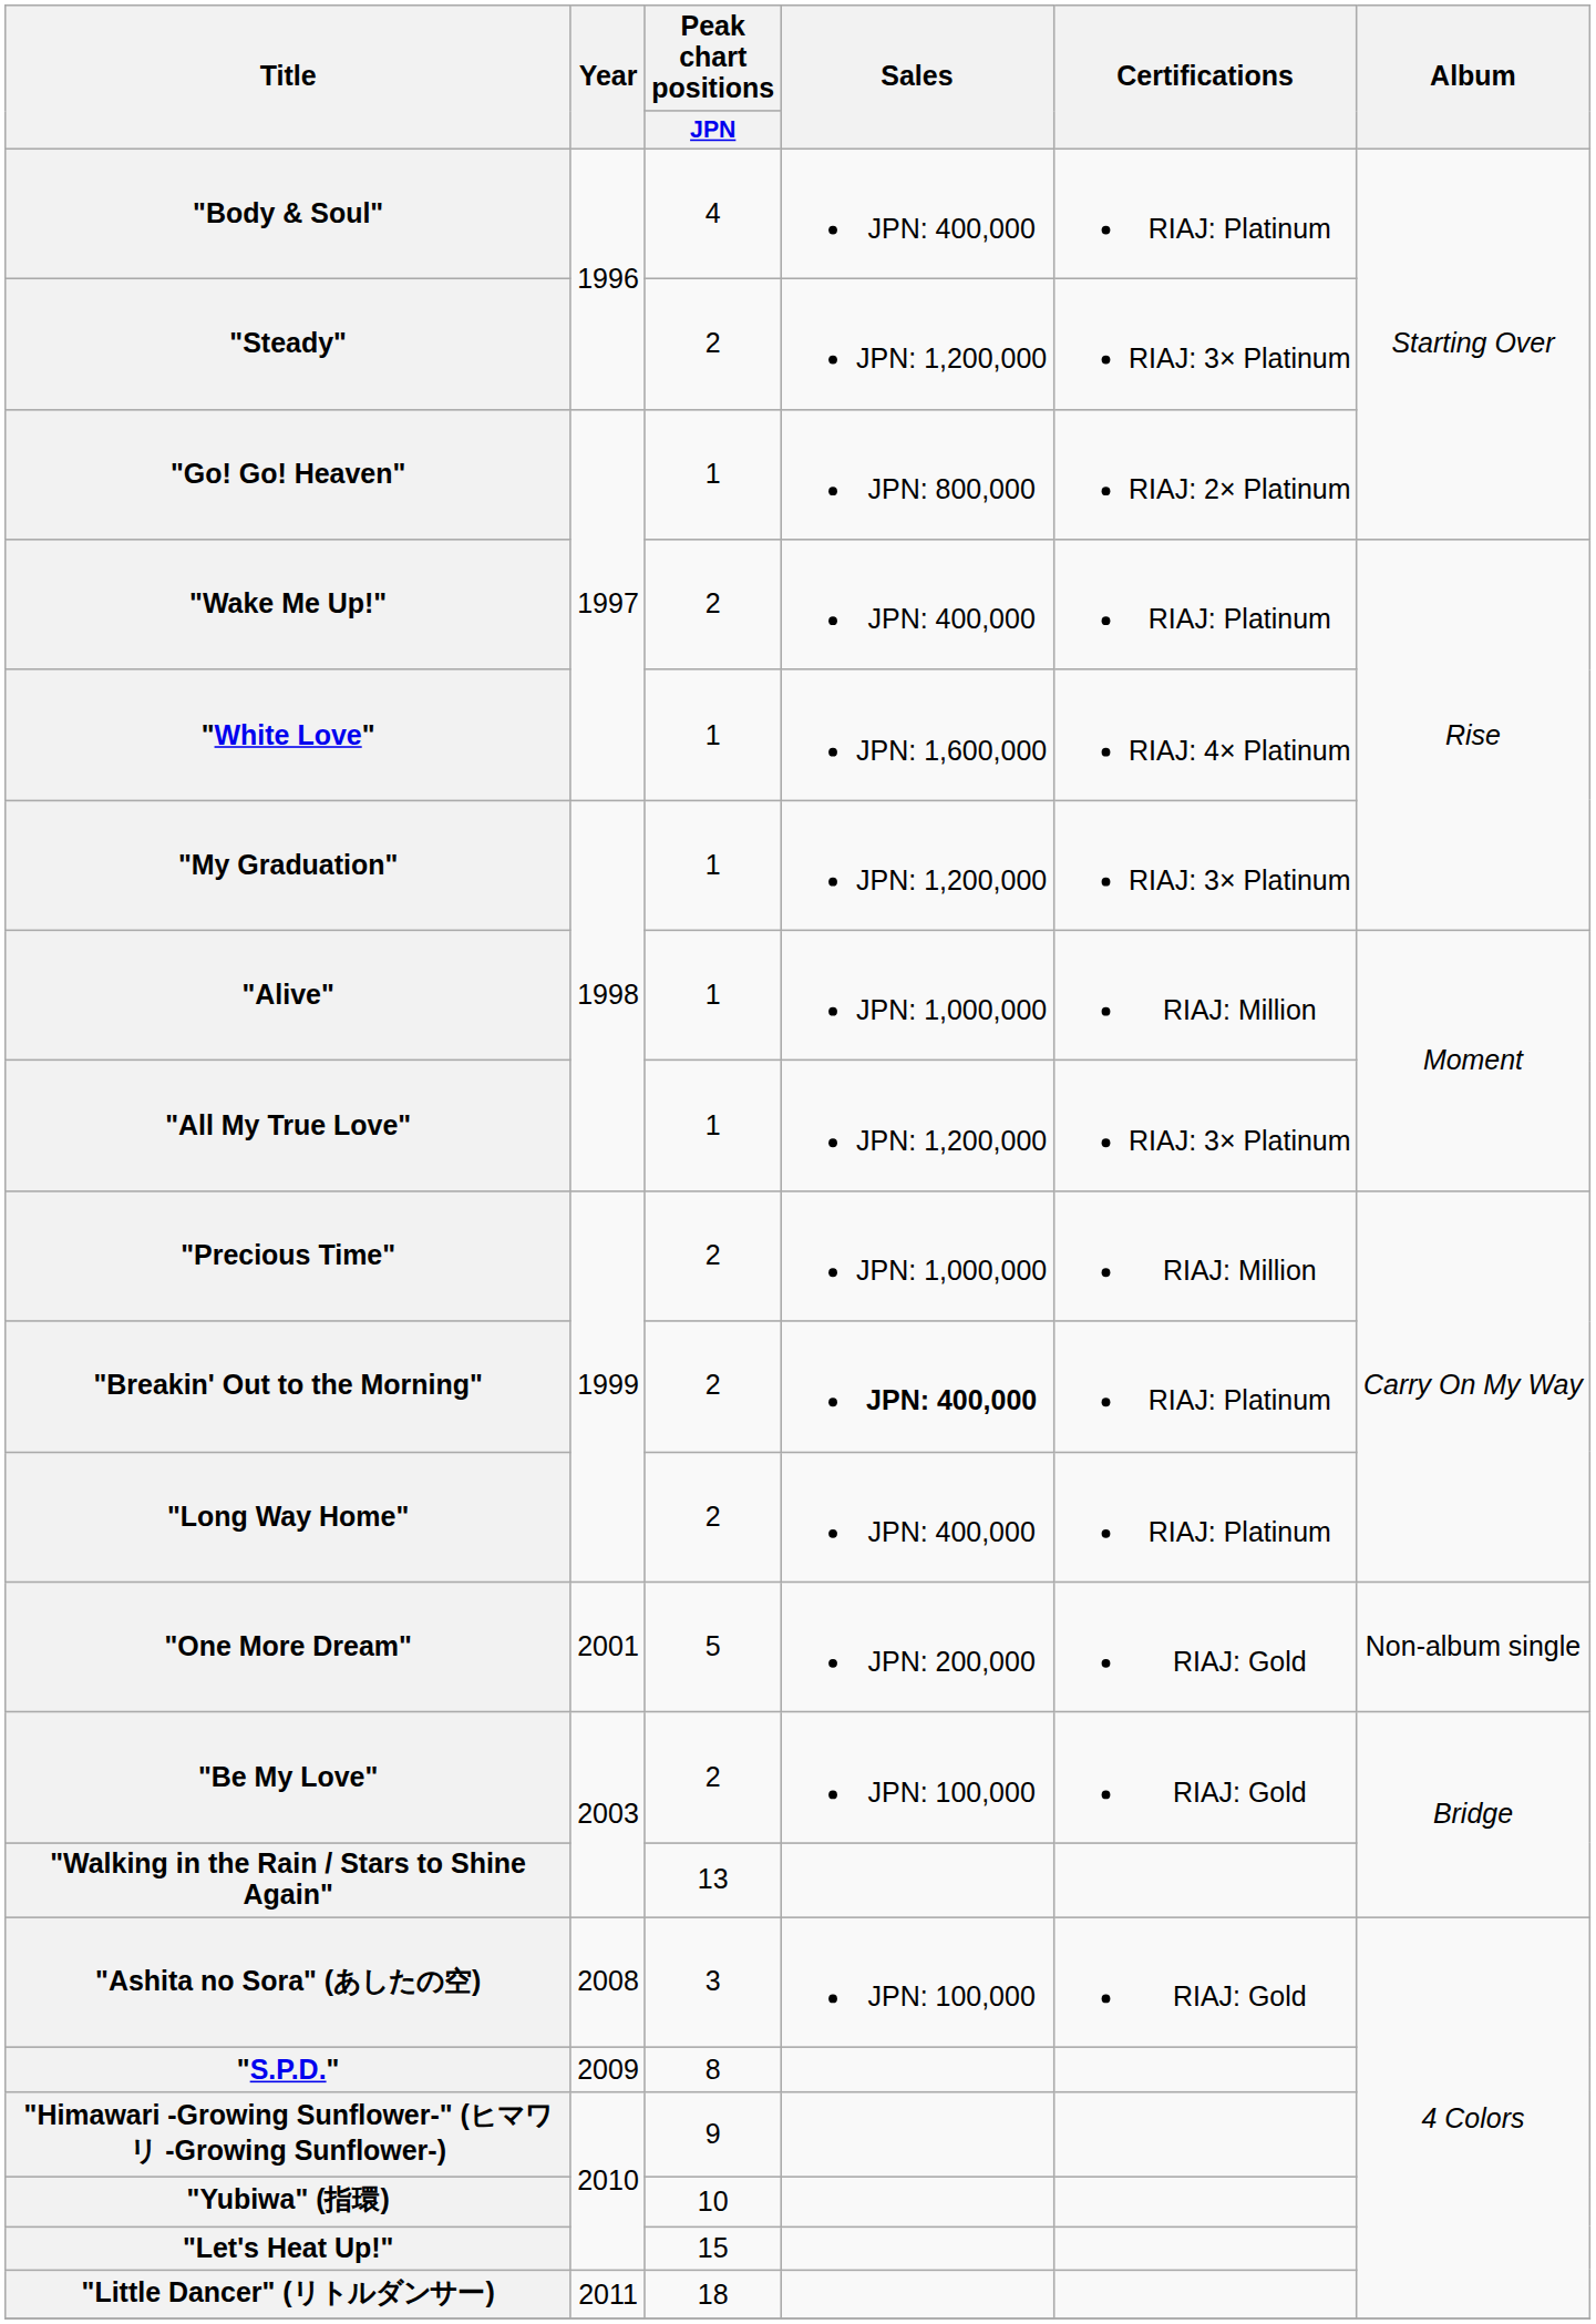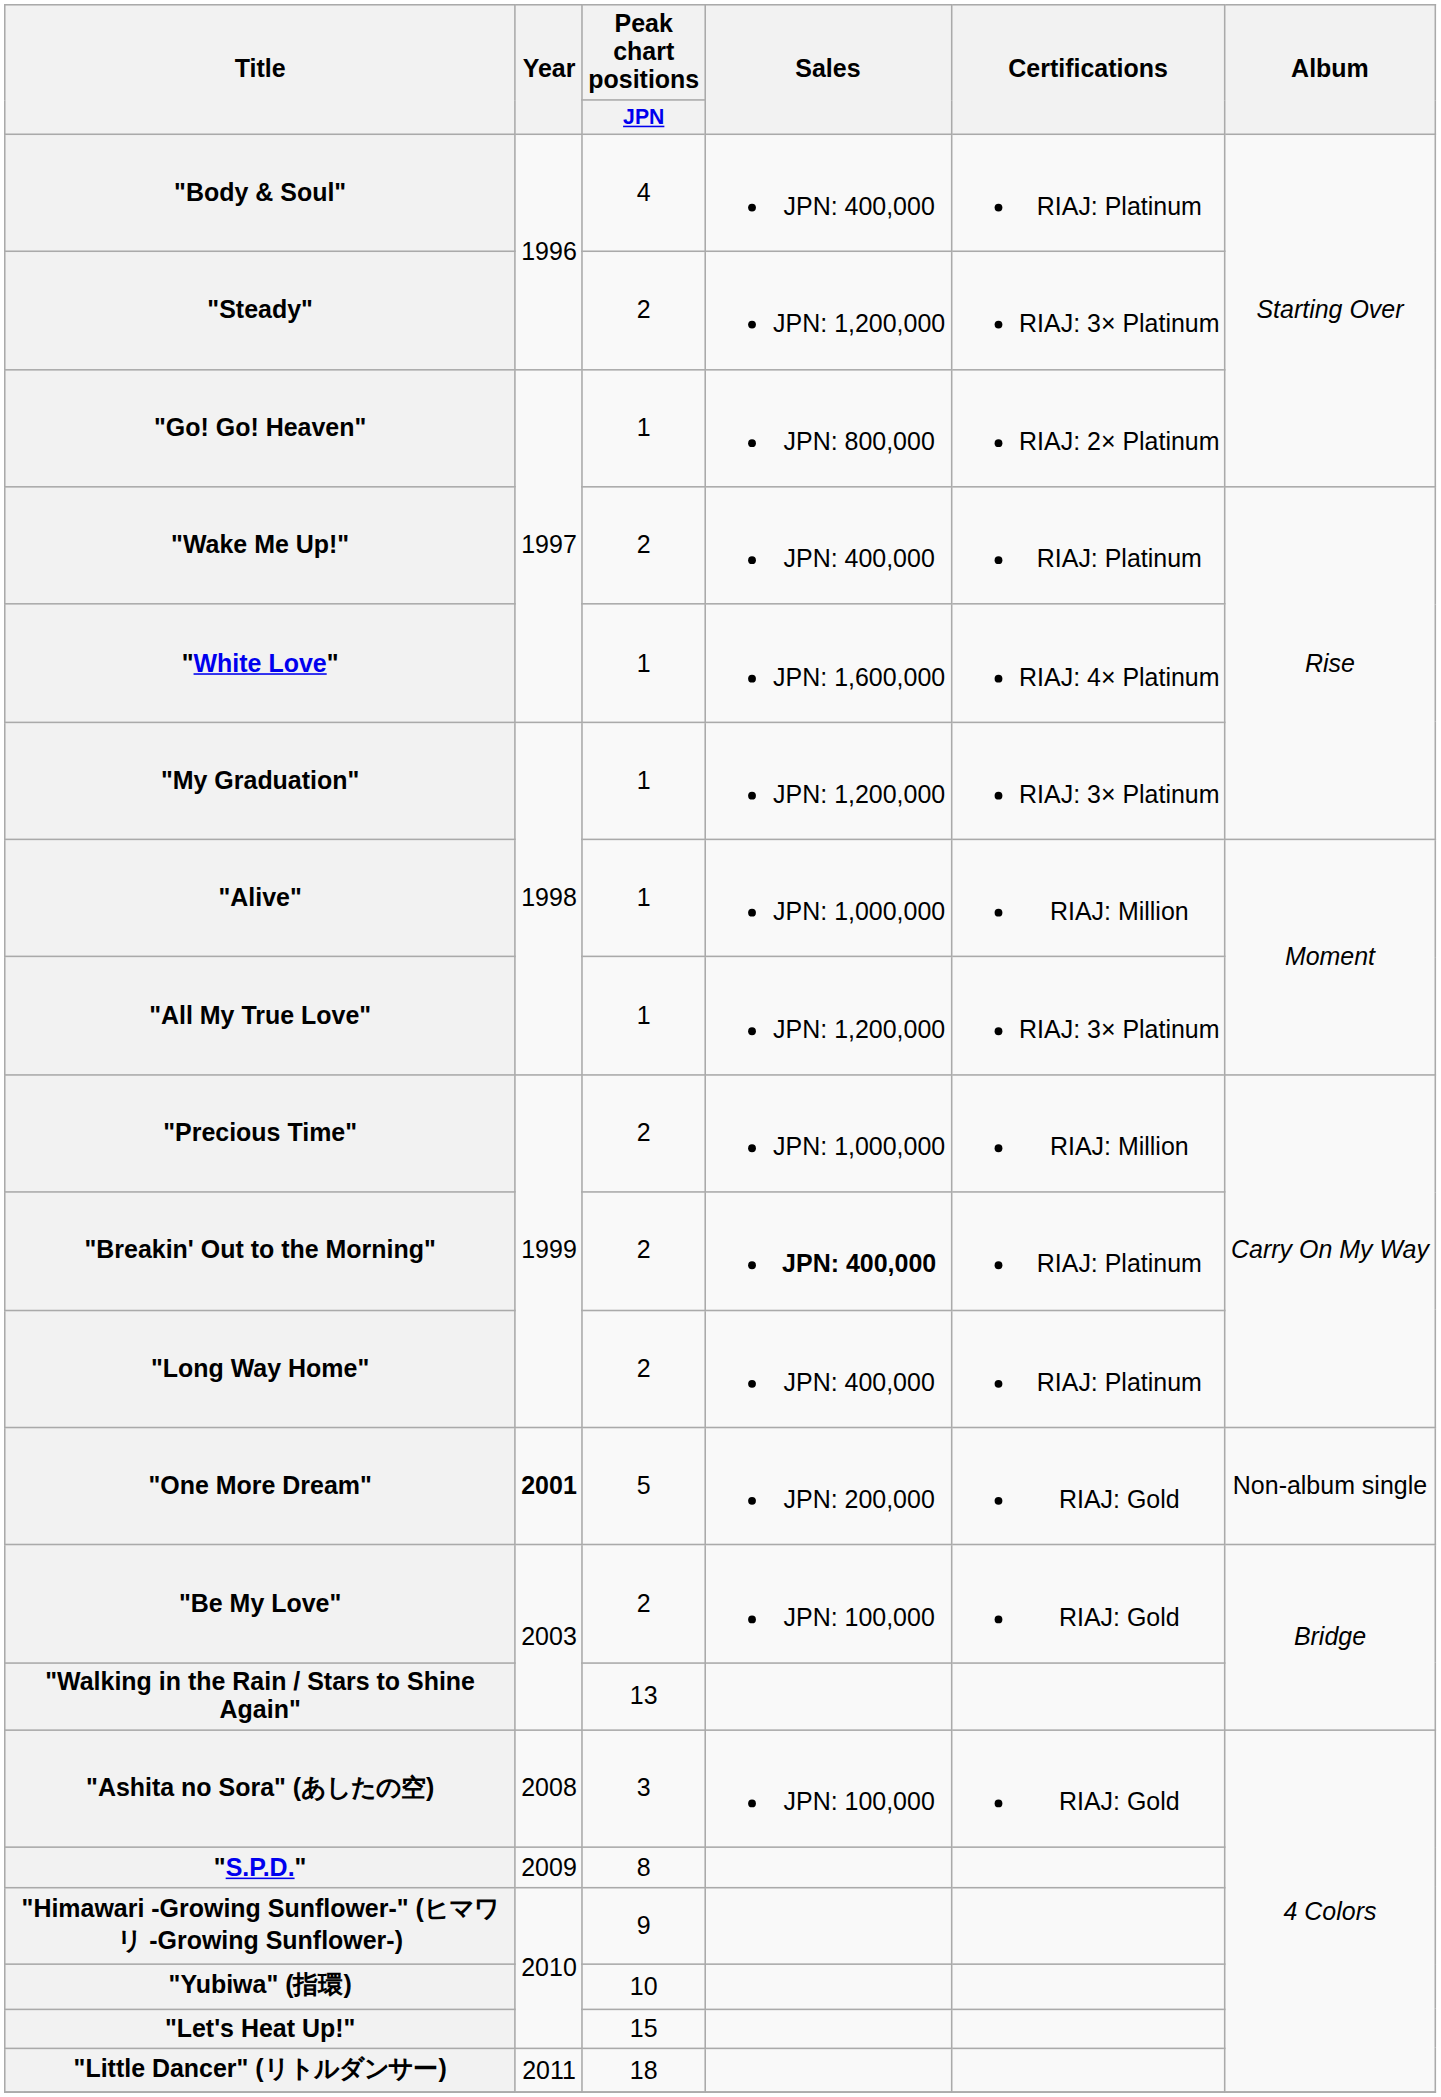 <table class="wikitable plainrowheaders" style="text-align:center;">
 <tr>
 <th rowspan="2" style="width:20em;">Title</th>
 <th rowspan="2">Year</th>
 <th>Peak chart positions</th>
 <th rowspan="2">Sales</th>
 <th rowspan="2">Certifications</th>
 <th rowspan="2">Album</th>
 </tr>
 <tr>
 <th scope="col" style="width:2.5em;font-size:85%"><a href='#'>JPN</a><br></th>
 </tr>
 <tr>
 <th scope="row">"Body & Soul"</th>
 <td rowspan="2">1996</td>
 <td>4</td>
 <td><br><ul><li>JPN: 400,000</li></ul></td>
 <td><br><ul><li>RIAJ: Platinum</li></ul></td>
 <td rowspan="3"><em>Starting Over</em></td>
 </tr>
 <tr>
 <th scope="row">"Steady"</th>
 <td>2</td>
 <td><br><ul><li>JPN: 1,200,000</li></ul></td>
 <td><br><ul><li>RIAJ: 3× Platinum</li></ul></td>
 </tr>
 <tr>
 <th scope="row">"Go! Go! Heaven"</th>
 <td rowspan="3">1997</td>
 <td>1</td>
 <td><br><ul><li>JPN: 800,000</li></ul></td>
 <td><br><ul><li>RIAJ: 2× Platinum</li></ul></td>
 </tr>
 <tr>
 <th scope="row">"Wake Me Up!"</th>
 <td>2</td>
 <td><br><ul><li>JPN: 400,000</li></ul></td>
 <td><br><ul><li>RIAJ: Platinum</li></ul></td>
 <td rowspan="3"><em>Rise</em></td>
 </tr>
 <tr>
 <th scope="row">"<a href='#'>White Love</a>"</th>
 <td>1</td>
 <td><br><ul><li>JPN: 1,600,000</li></ul></td>
 <td><br><ul><li>RIAJ: 4× Platinum</li></ul></td>
 </tr>
 <tr>
 <th scope="row">"My Graduation"</th>
 <td rowspan="3">1998</td>
 <td>1</td>
 <td><br><ul><li>JPN: 1,200,000</li></ul></td>
 <td><br><ul><li>RIAJ: 3× Platinum</li></ul></td>
 </tr>
 <tr>
 <th scope="row">"Alive"</th>
 <td>1</td>
 <td><br><ul><li>JPN: 1,000,000</li></ul></td>
 <td><br><ul><li>RIAJ: Million</li></ul></td>
 <td rowspan="2"><em>Moment</em></td>
 </tr>
 <tr>
 <th scope="row">"All My True Love"</th>
 <td>1</td>
 <td><br><ul><li>JPN: 1,200,000</li></ul></td>
 <td><br><ul><li>RIAJ: 3× Platinum</li></ul></td>
 </tr>
 <tr>
 <th scope="row">"Precious Time"</th>
 <td rowspan="3">1999</td>
 <td>2</td>
 <td><br><ul><li>JPN: 1,000,000</li></ul></td>
 <td><br><ul><li>RIAJ: Million</li></ul></td>
 <td rowspan="3"><em>Carry On My Way</em></td>
 </tr>
 <tr>
 <th scope="row">"Breakin' Out to the Morning"</th>
 <td>2</td>
 <td><strong><br><ul><li>JPN: 400,000</li></ul></strong></td>
 <td><br><ul><li>RIAJ: Platinum</li></ul></td>
 </tr>
 <tr>
 <th scope="row">"Long Way Home"</th>
 <td>2</td>
 <td><br><ul><li>JPN: 400,000</li></ul></td>
 <td><br><ul><li>RIAJ: Platinum</li></ul></td>
 </tr>
 <tr>
 <th scope="row">"One More Dream"</th>
-<td>2001</td>
+<td><strong>2001</strong></td>
 <td>5</td>
 <td><br><ul><li>JPN: 200,000</li></ul></td>
 <td><br><ul><li>RIAJ: Gold</li></ul></td>
 <td>Non-album single</td>
 </tr>
 <tr>
 <th scope="row">"Be My Love"</th>
 <td rowspan="2">2003</td>
 <td>2</td>
 <td><br><ul><li>JPN: 100,000</li></ul></td>
 <td><br><ul><li>RIAJ: Gold</li></ul></td>
 <td rowspan="2"><em>Bridge</em></td>
 </tr>
 <tr>
 <th scope="row">"Walking in the Rain / Stars to Shine Again"</th>
 <td>13</td>
 <td></td>
 <td></td>
 </tr>
 <tr>
 <th scope="row">"Ashita no Sora" (あしたの空)</th>
 <td>2008</td>
 <td>3</td>
 <td><br><ul><li>JPN: 100,000</li></ul></td>
 <td><br><ul><li>RIAJ: Gold</li></ul></td>
 <td rowspan="6"><em>4 Colors</em></td>
 </tr>
 <tr>
 <th scope="row">"<a href='#'>S.P.D.</a>"</th>
 <td>2009</td>
 <td>8</td>
 <td></td>
 <td></td>
 </tr>
 <tr>
 <th scope="row">"Himawari -Growing Sunflower-" (ヒマワリ -Growing Sunflower-)</th>
 <td rowspan="3">2010</td>
 <td>9</td>
 <td></td>
 <td></td>
 </tr>
 <tr>
 <th scope="row">"Yubiwa" (指環)</th>
 <td>10</td>
 <td></td>
 <td></td>
 </tr>
 <tr>
 <th scope="row">"Let's Heat Up!"</th>
 <td>15</td>
 <td></td>
 <td></td>
 </tr>
 <tr>
 <th scope="row">"Little Dancer" (リトルダンサー)</th>
 <td>2011</td>
 <td>18</td>
 <td></td>
 <td></td>
 </tr>
 <tr>
 </tr>
 </table>
